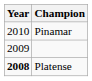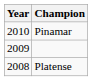 <table class="wikitable">
 <tr>
 <th>Year</th>
 <th>Champion</th>
 </tr>
 <tr>
 <td>2010</td>
 <td>Pinamar</td>
 </tr>
 <tr>
 <td>2009</td>
 <td></td>
 </tr>
 <tr>
-<td><strong>2008</strong></td>
+<td>2008</td>
 <td>Platense</td>
 </tr>
 </table>
